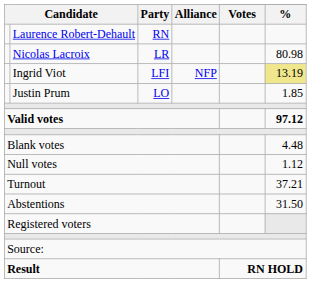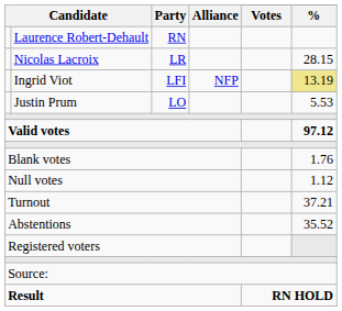 <table class="wikitable" style="text-align:right;font-size:95%;">
 <tr>
 <th colspan="2" rowspan="2">Candidate</th>
 <th colspan="1" rowspan="2">Party</th>
 <th colspan="1" rowspan="2">Alliance</th>
 </tr>
 <tr>
 <th style="width:50px;">Votes</th>
 <th style="width:45px;">%</th>
 </tr>
 <tr>
 <td style="color:inherit;background:"></td>
 <td style="text-align:left;"><a href='#'>Laurence Robert-Dehault</a></td>
 <td><a href='#'>RN</a></td>
 <td></td>
 <td><strong></strong></td>
 <td><strong></strong></td>
 </tr>
 <tr>
 <td style="color:inherit;background:"></td>
 <td style="text-align:left;"><a href='#'>Nicolas Lacroix</a></td>
 <td><a href='#'>LR</a></td>
 <td></td>
 <td></td>
-<td>80.98</td>
+<td>28.15</td>
 </tr>
 <tr>
 <td style="color:inherit;background:"></td>
 <td style="text-align:left;">Ingrid Viot</td>
 <td><a href='#'>LFI</a></td>
 <td><a href='#'>NFP</a></td>
 <td></td>
 <td style="background: khaki;">13.19</td>
 </tr>
 <tr>
 <td style="color:inherit;background:"></td>
 <td style="text-align:left;">Justin Prum</td>
 <td><a href='#'>LO</a></td>
 <td></td>
 <td></td>
-<td>1.85</td>
+<td>5.53</td>
 </tr>
 <tr>
 <td colspan="8" style="background:#E9E9E9;"></td>
 </tr>
 <tr style="font-weight:bold;">
 <td colspan="4" style="text-align:left;">Valid votes</td>
 <td></td>
 <td>97.12</td>
 </tr>
 <tr>
 <td colspan="8" style="background:#E9E9E9;"></td>
 </tr>
 <tr>
 <td colspan="4" style="text-align:left;">Blank votes</td>
 <td></td>
-<td>4.48</td>
+<td>1.76</td>
 </tr>
 <tr>
 <td colspan="4" style="text-align:left;">Null votes</td>
 <td></td>
 <td>1.12</td>
 </tr>
 <tr>
 <td colspan="4" style="text-align:left;">Turnout</td>
 <td></td>
 <td>37.21</td>
 </tr>
 <tr>
 <td colspan="4" style="text-align:left;">Abstentions</td>
 <td></td>
-<td>31.50</td>
+<td>35.52</td>
 </tr>
 <tr>
 <td colspan="4" style="text-align:left;">Registered voters</td>
 <td></td>
 <td style="background:#E9E9E9;"></td>
 </tr>
 <tr>
 <td colspan="8" style="background:#E9E9E9;"></td>
 </tr>
 <tr>
 <td colspan="8" style="text-align:left;">Source: </td>
 </tr>
 <tr style="font-weight:bold">
 <td colspan="4" style="text-align:left;">Result</td>
 <td colspan="4" style="background-color:">RN HOLD</td>
 </tr>
 </table>
